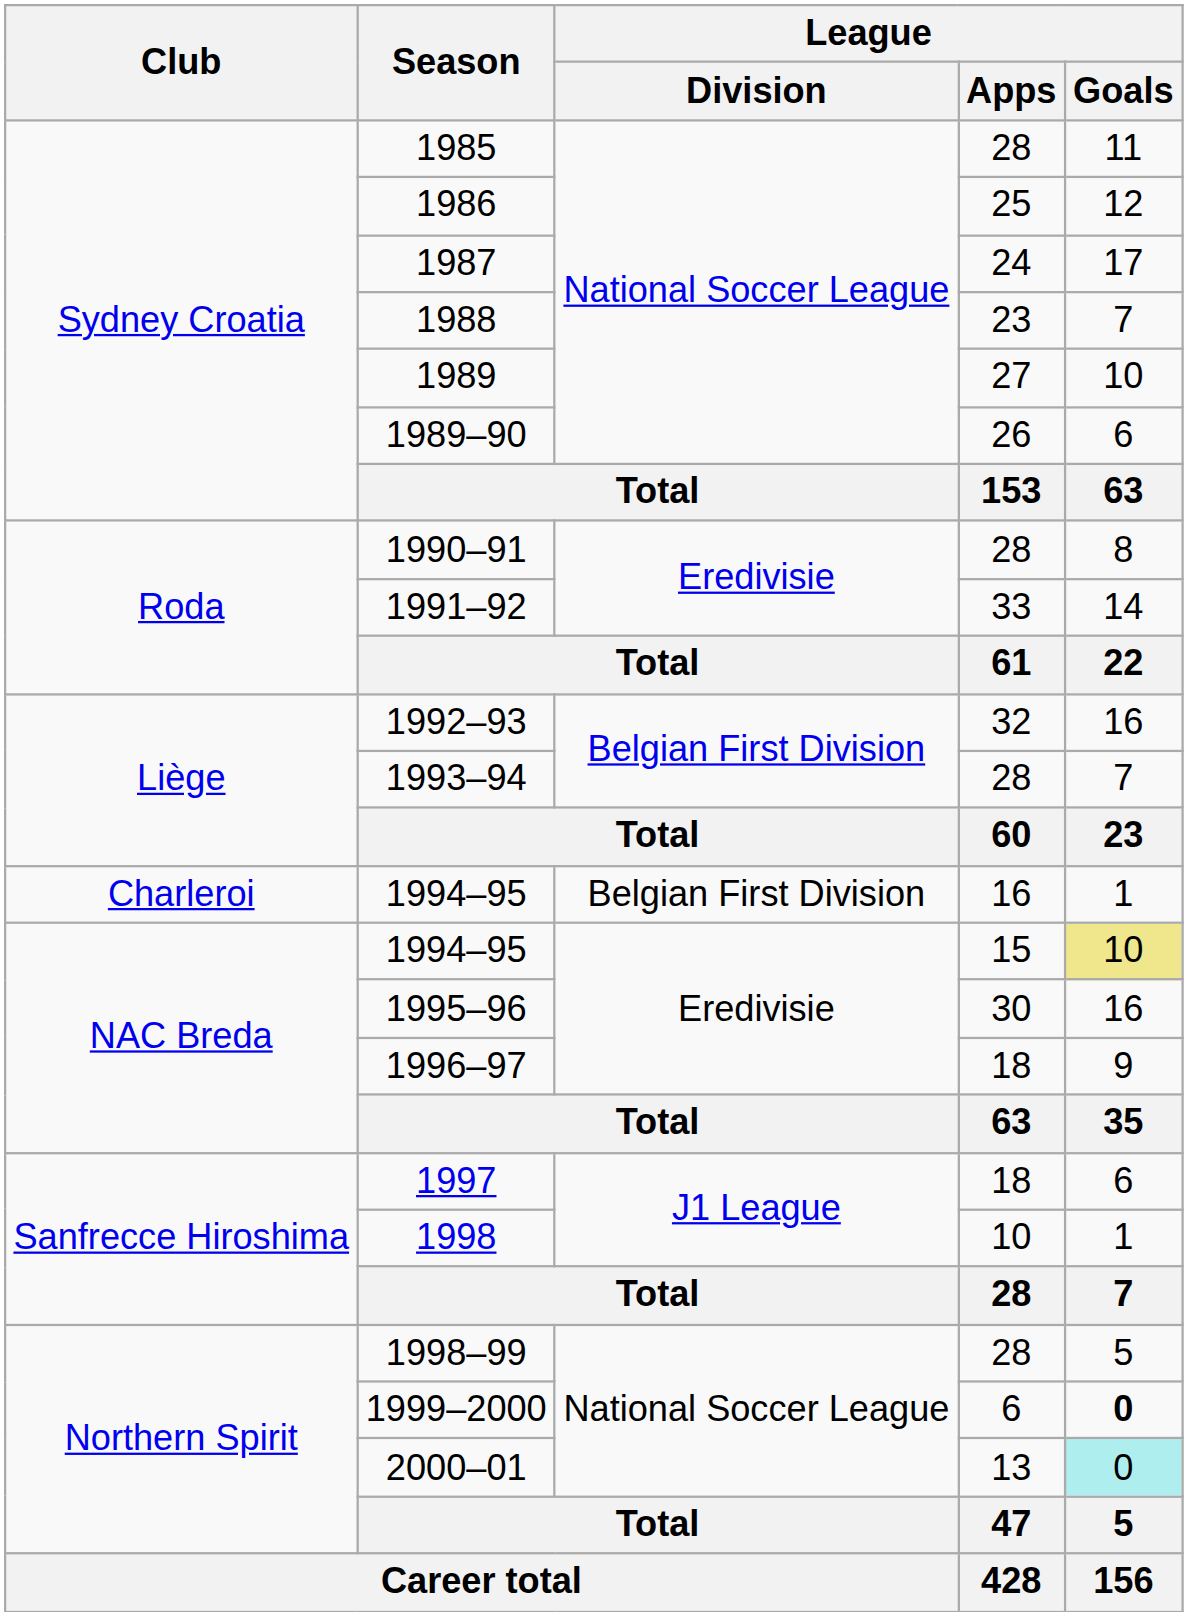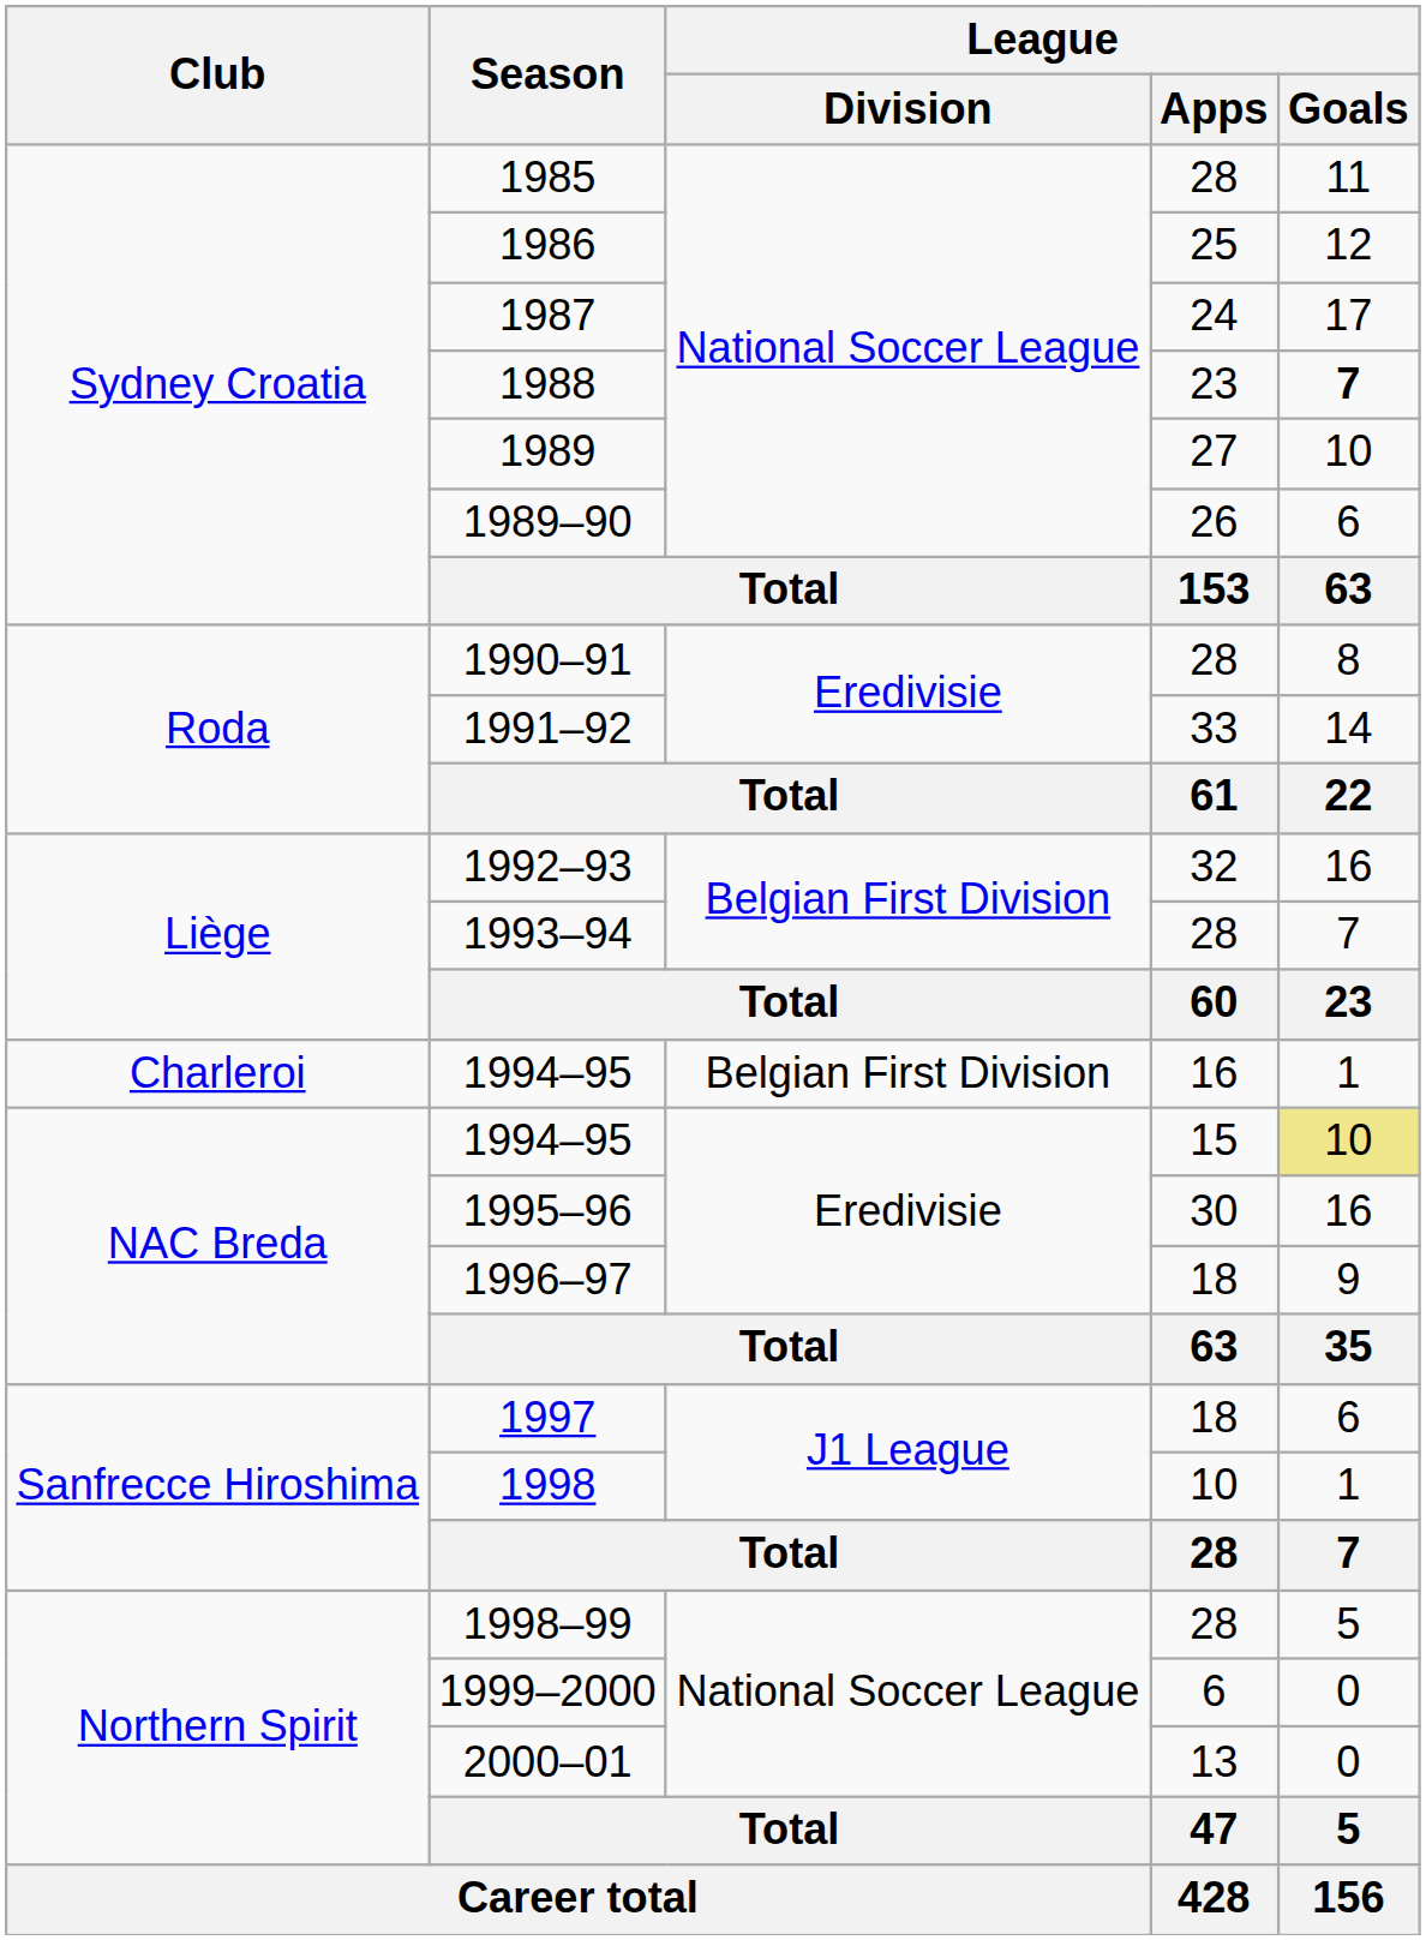 <table class="wikitable" style="text-align:center">
 <tr>
 <th rowspan="2">Club</th>
 <th rowspan="2">Season</th>
 <th colspan="3">League</th>
 </tr>
 <tr>
 <th>Division</th>
 <th>Apps</th>
 <th>Goals</th>
 </tr>
 <tr>
 <td rowspan="7"><a href='#'>Sydney Croatia</a></td>
 <td>1985</td>
 <td rowspan="6"><a href='#'>National Soccer League</a></td>
 <td>28</td>
 <td>11</td>
 </tr>
 <tr>
 <td>1986</td>
 <td>25</td>
 <td>12</td>
 </tr>
 <tr>
 <td>1987</td>
 <td>24</td>
 <td>17</td>
 </tr>
 <tr>
 <td>1988</td>
 <td>23</td>
-<td>7</td>
+<td><strong>7</strong></td>
 </tr>
 <tr>
 <td>1989</td>
 <td>27</td>
 <td>10</td>
 </tr>
 <tr>
 <td>1989–90</td>
 <td>26</td>
 <td>6</td>
 </tr>
 <tr>
 <th colspan="2">Total</th>
 <th>153</th>
 <th>63</th>
 </tr>
 <tr>
 <td rowspan="3"><a href='#'>Roda</a></td>
 <td>1990–91</td>
 <td rowspan="2"><a href='#'>Eredivisie</a></td>
 <td>28</td>
 <td>8</td>
 </tr>
 <tr>
 <td>1991–92</td>
 <td>33</td>
 <td>14</td>
 </tr>
 <tr>
 <th colspan="2">Total</th>
 <th>61</th>
 <th>22</th>
 </tr>
 <tr>
 <td rowspan="3"><a href='#'>Liège</a></td>
 <td>1992–93</td>
 <td rowspan="2"><a href='#'>Belgian First Division</a></td>
 <td>32</td>
 <td>16</td>
 </tr>
 <tr>
 <td>1993–94</td>
 <td>28</td>
 <td>7</td>
 </tr>
 <tr>
 <th colspan="2">Total</th>
 <th>60</th>
 <th>23</th>
 </tr>
 <tr>
 <td><a href='#'>Charleroi</a></td>
 <td>1994–95</td>
 <td>Belgian First Division</td>
 <td>16</td>
 <td>1</td>
 </tr>
 <tr>
 <td rowspan="4"><a href='#'>NAC Breda</a></td>
 <td>1994–95</td>
 <td rowspan="3">Eredivisie</td>
 <td>15</td>
 <td style="background: khaki;">10</td>
 </tr>
 <tr>
 <td>1995–96</td>
 <td>30</td>
 <td>16</td>
 </tr>
 <tr>
 <td>1996–97</td>
 <td>18</td>
 <td>9</td>
 </tr>
 <tr>
 <th colspan="2">Total</th>
 <th>63</th>
 <th>35</th>
 </tr>
 <tr>
 <td rowspan="3"><a href='#'>Sanfrecce Hiroshima</a></td>
 <td><a href='#'>1997</a></td>
 <td rowspan="2"><a href='#'>J1 League</a></td>
 <td>18</td>
 <td>6</td>
 </tr>
 <tr>
 <td><a href='#'>1998</a></td>
 <td>10</td>
 <td>1</td>
 </tr>
 <tr>
 <th colspan="2">Total</th>
 <th>28</th>
 <th>7</th>
 </tr>
 <tr>
 <td rowspan="4"><a href='#'>Northern Spirit</a></td>
 <td>1998–99</td>
 <td rowspan="3">National Soccer League</td>
 <td>28</td>
 <td>5</td>
 </tr>
 <tr>
 <td>1999–2000</td>
 <td>6</td>
-<td><strong>0</strong></td>
+<td>0</td>
 </tr>
 <tr>
 <td>2000–01</td>
 <td>13</td>
-<td style="background: paleturquoise;">0</td>
+<td>0</td>
 </tr>
 <tr>
 <th colspan="2">Total</th>
 <th>47</th>
 <th>5</th>
 </tr>
 <tr>
 <th colspan="3">Career total</th>
 <th>428</th>
 <th>156</th>
 </tr>
 </table>
